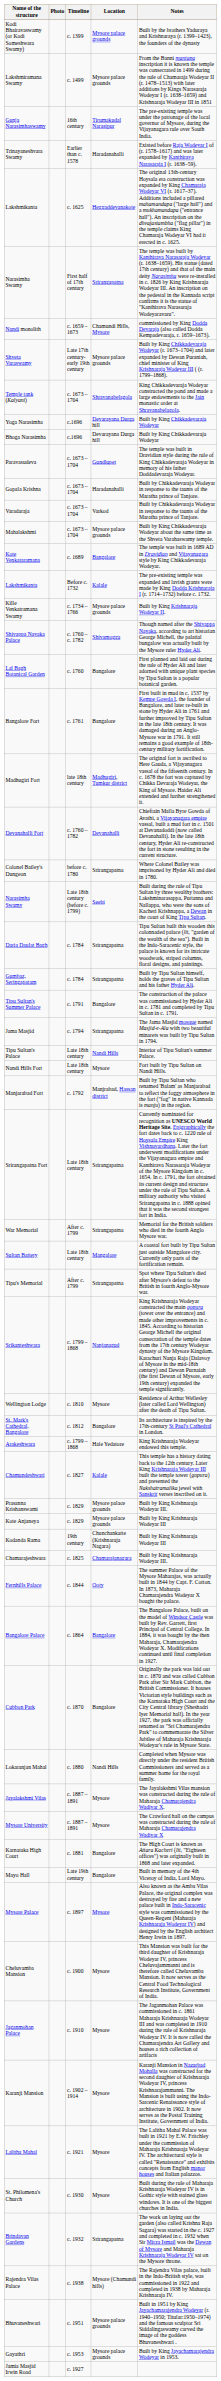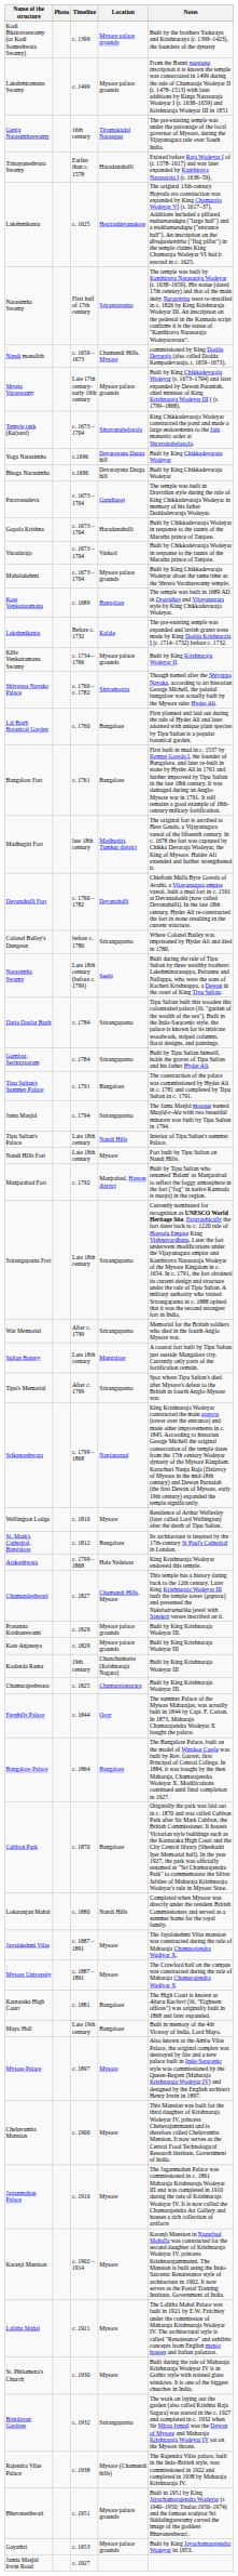 <table class="wikitable sortable">
 <tr style="background:#FFC569">
 <th scope="col"><strong>Name of the structure</strong></th>
 <th scope="col" class="unsortable"><strong>Photo</strong></th>
 <th scope="col"><strong>Timeline</strong></th>
 <th scope="col"><strong>Location</strong></th>
 <th scope="col"><strong>Notes</strong></th>
 </tr>
 <tr align ="center">
 </tr>
 <tr style="background:#ffe;">
 </tr>
 <tr>
 <td>Kodi Bhairavaswamy (or Kodi Someshwara Swamy)</td>
 <td></td>
 <td>c. 1399</td>
 <td><a href='#'>Mysore palace grounds</a></td>
 <td>Built by the brothers Yaduraya and Krishnaraya (r. 1399–1423), the founders of the dynasty</td>
 </tr>
 <tr>
 <td>Lakshmiramana Swamy</td>
 <td></td>
 <td>c. 1499</td>
 <td>Mysore palace grounds</td>
 <td>From the Banni <em><a href='#'>mantapa</a></em> inscription it is known the temple was consecrated in 1499 during the rule of Chamaraja Wodeyar II (r. 1478–1513) with later additions by Kings Narasaraja Wodeyar I (r. 1638–1659) and Krishnaraja Wodeyar III in 1851</td>
 </tr>
 <tr>
 <td><a href='#'>Gunja Narasimhaswamy</a></td>
 <td></td>
 <td>16th century</td>
 <td><a href='#'>Tirumakudal Narasipur</a></td>
 <td>The pre-existing temple was under the patronage of the local governor of Mysore, during the Vijayanagara rule over South India.</td>
 </tr>
 <tr>
 <td>Trinayaneshvara Swamy</td>
 <td></td>
 <td>Earlier than c. 1578</td>
 <td>Haradanahalli</td>
 <td>Existed before <a href='#'>Raja Wodeyar I</a> of (r. 1578–1617) and was later expanded by <a href='#'>Kanthirava Narasaraja I</a> (r. 1638–59).</td>
 </tr>
 <tr>
 <td>Lakshmikanta</td>
 <td></td>
 <td>c. 1625</td>
 <td><a href='#'>Heggaddevanakote</a></td>
 <td>The original 13th-century Hoysala era construction was expanded by King <a href='#'>Chamaraja Wodeyar VI</a> (r. 1617–37). Additions included a pillared <em>mahamandapa</em> ("large hall") and a <em>mukhamandapa</em> ("entrance hall"). An inscription on the <em>dhvajastambha</em> ("flag pillar") in the temple claims King Chamaraja Wodeyar VI had it erected in c. 1625.</td>
 </tr>
 <tr>
 <td>Narasimha Swamy</td>
 <td></td>
 <td>First half of 17th century</td>
 <td><a href='#'>Srirangapatna</a></td>
 <td>The temple was built by <a href='#'>Kanthirava Narasaraja Wodeyar</a> (r. 1638–1659). His statue (dated 17th century) and that of the main deity <em><a href='#'>Narasimha</a></em> were re-installed in c. 1826 by King Krishnaraja Wodeyar III. An inscription on the pedestal in the Kannada script confirms it is the statue of "Kanthirava Narasaraja Wodeyaravaru".</td>
 </tr>
 <tr>
 <td><a href='#'>Nandi</a> monolith</td>
 <td></td>
 <td>c. 1659 – 1673</td>
 <td>Chamundi Hills, <a href='#'>Mysore</a></td>
 <td>commissioned by King <a href='#'>Dodda Devaraja</a> (also called Dodda Kempadevaraja, r. 1659–1673).</td>
 </tr>
 <tr>
 <td><a href='#'>Shveta Varaswamy</a></td>
 <td></td>
 <td>Late 17th century-early 19th century</td>
 <td>Mysore palace grounds</td>
 <td>Built by King <a href='#'>Chikkadevaraja Wodeyar</a> (r. 1673–1704) and later expanded by Dewan Puraniah, chief minister of King <a href='#'>Krishnaraja Wodeyar III</a> ( (r. 1799–1868).</td>
 </tr>
 <tr>
 <td><a href='#'>Temple tank</a> (<em>Kalyani</em>)</td>
 <td></td>
 <td>c. 1673 – 1704</td>
 <td><a href='#'>Shravanabelagola</a></td>
 <td>King Chikkadevaraja Wodeyar constructed the pond and made a large endowments to the <a href='#'>Jain</a> monastic order at <a href='#'>Shravanabelagola</a>.</td>
 </tr>
 <tr>
 <td>Yoga Narasimha</td>
 <td></td>
 <td>c.1696</td>
 <td><a href='#'>Devarayana Durga</a> hill</td>
 <td>Built by King <a href='#'>Chikkadevaraja Wodeyar</a></td>
 </tr>
 <tr>
 <td>Bhoga Narasimha</td>
 <td></td>
 <td>c.1696</td>
 <td>Devarayana Durga hill</td>
 <td>Built by King Chikkadevaraja Wodeyar</td>
 </tr>
 <tr>
 <td>Paravasudeva</td>
 <td></td>
 <td>c. 1673 – 1704</td>
 <td><a href='#'>Gundlupet</a></td>
 <td>The temple was built in Dravidian style during the rule of King Chikkadevaraja Wodeyar in memory of his father Doddadevaraja Wodeyar.</td>
 </tr>
 <tr>
 <td>Gopala Krishna</td>
 <td></td>
 <td>c. 1673 – 1704</td>
 <td>Haradanahalli</td>
 <td>Built by Chikkadevaraja Wodeyar in response to the taunts of the Maratha prince of Tanjore.</td>
 </tr>
 <tr>
 <td>Varadaraja</td>
 <td></td>
 <td>c. 1673 – 1704</td>
 <td>Varkod</td>
 <td>Built by Chikkadevaraja Wodeyar in response to the taunts of the Maratha prince of Tanjore.</td>
 </tr>
 <tr>
 <td>Mahalakshmi</td>
 <td></td>
 <td>c. 1673 – 1704</td>
 <td>Mysore palace grounds</td>
 <td>Built by King Chikkadevaraja Wodeyar about the same time as the Shveta Varahaswamy temple.</td>
 </tr>
 <tr>
 <td><a href='#'>Kote Venkataramana</a></td>
 <td></td>
 <td>c. 1689</td>
 <td><a href='#'>Bangalore</a></td>
 <td>The temple was built in 1689 AD in <em><a href='#'>Dravidian</a></em> and <a href='#'>Vijayanagara</a> style by King Chikkadevaraja Wodeyar.</td>
 </tr>
 <tr>
 <td><a href='#'>Lakshmikanta</a></td>
 <td></td>
 <td>Before c. 1732</td>
 <td><a href='#'>Kalale</a></td>
 <td>The pre-existing temple was expanded and lavish grants were made by King <a href='#'>Dodda Krishnaraja I</a> (r. 1714–1732) before c. 1732.</td>
 </tr>
 <tr>
 <td>Kille Venkatramana Swamy</td>
 <td></td>
 <td>c. 1734 – 1766</td>
 <td>Mysore palace grounds</td>
 <td>Built by King <a href='#'>Krishnaraja Wodeyar II</a>.</td>
 </tr>
 <tr>
 <td><a href='#'>Shivappa Nayaka Palace</a></td>
 <td></td>
 <td>c. 1760 – c. 1782</td>
 <td><a href='#'>Shivamogga</a></td>
 <td>Though named after the <a href='#'>Shivappa Nayaka</a>, according to art historian George Michell, the palatial bungalow was actually built by the Mysore ruler <a href='#'>Hyder Ali</a>.</td>
 </tr>
 <tr>
 <td><a href='#'>Lal Bagh Botanical Garden</a></td>
 <td></td>
 <td>c. 1760</td>
 <td>Bangalore</td>
 <td>First planned and laid out during the rule of Hyder Ali and later adorned with unique plant species by Tipu Sultan is a popular botanical garden.</td>
 </tr>
 <tr>
 <td>Bangalore Fort</td>
 <td></td>
 <td>c. 1761</td>
 <td>Bangalore</td>
 <td>First built in mud in c. 1537 by <a href='#'>Kempe Gowda I</a>, the founder of Bangalore, and later re-built in stone by Hyder Ali in 1761 and further improved by Tipu Sultan in the late 18th century. It was damaged during an Anglo-Mysore war in 1791. It still remains a good example of 18th-century military fortification.</td>
 </tr>
 <tr>
 <td>Madhugiri Fort</td>
 <td></td>
 <td>late 18th century</td>
 <td><a href='#'>Madhugiri</a>, <a href='#'>Tumkur district</a></td>
 <td>The original fort is ascribed to Here Gauda, a Vijayanagara vassal of the fifteenth century. In c. 1678 the fort was captured by Chikka Devaraja Wodeyar, the King of Mysore. Haider Ali extended and further strengthened it.</td>
 </tr>
 <tr>
 <td><a href='#'>Devanahalli Fort</a></td>
 <td></td>
 <td>c. 1760 – 1782</td>
 <td><a href='#'>Devanahalli</a></td>
 <td>Chieftain Malla Byre Gowda of Avathi, a <a href='#'>Vijayanagara empire</a> vassal, built a mud fort in c. 1501 at Devanadoddi (now called Devanahalli). In the late 18th century, Hyder Ali re-constructed the fort in stone resulting in the current structure.</td>
 </tr>
 <tr>
 <td>Colonel Bailey's Dungeon</td>
 <td></td>
 <td>before c. 1780</td>
 <td>Srirangapatna</td>
 <td>Where Colonel Bailey was imprisoned by Hyder Ali and died in 1780.</td>
 </tr>
 <tr>
 <td><a href='#'>Narasimha Swamy</a></td>
 <td></td>
 <td>Late 18th century (before c. 1799)</td>
 <td><a href='#'>Seebi</a></td>
 <td>Built during the rule of Tipu Sultan by three wealthy brothers: Lakshminarasappa, Puttanna and Nallappa, who were the sons of Kacheri Krishnappa, a <a href='#'>Dewan</a> in the court of King <a href='#'>Tipu Sultan</a>.</td>
 </tr>
 <tr>
 <td><a href='#'>Daria Daulat Bagh</a></td>
 <td></td>
 <td>c. 1784</td>
 <td>Srirangapatna</td>
 <td>Tipu Sultan built this wooden this colonnaded palace (<em>lit</em>, "garden of the wealth of the sea"). Built in the Indo-Saracenic style, the palace is known for its intricate woodwork, striped columns, floral designs, and paintings.</td>
 </tr>
 <tr>
 <td><a href='#'>Gumbaz, Seringapatam</a></td>
 <td></td>
 <td>c. 1784</td>
 <td>Srirangapatna</td>
 <td>Built by Tipu Sultan himself, holds the graves of Tipu Sultan and his father <a href='#'>Hyder Ali</a>.</td>
 </tr>
 <tr>
 <td><a href='#'>Tipu Sultan's Summer Palace</a></td>
 <td></td>
 <td>c. 1791</td>
 <td>Bangalore</td>
 <td>The construction of the palace was commissioned by Hyder Ali in c. 1781 and completed by Tipu Sultan in c. 1791.</td>
 </tr>
 <tr>
 <td>Jama Masjid</td>
 <td></td>
 <td>c. 1794</td>
 <td>Srirangapatna</td>
 <td>The Jama Masjid <a href='#'>mosque</a> named <em>Masjid-e-Ala</em> with two beautiful minarets was built by Tipu Sultan in 1794.</td>
 </tr>
 <tr>
 <td>Tipu Sultan's Palace</td>
 <td></td>
 <td>Late 18th century</td>
 <td><a href='#'>Nandi Hills</a></td>
 <td>Interior of Tipu Sultan's summer Palace.</td>
 </tr>
 <tr>
 <td>Nandi Hills Fort</td>
 <td></td>
 <td>Late 18th century</td>
 <td>Mysore</td>
 <td>Fort built by Tipu Sultan on Nandi Hills.</td>
 </tr>
 <tr>
 <td>Manjarabad Fort</td>
 <td></td>
 <td>c. 1792</td>
 <td>Manjrabad, <a href='#'>Hassan district</a></td>
 <td>Built by Tipu Sultan who renamed 'Balam' as Manjarabad to reflect the foggy atmosphere in the fort ("fog" in native Kannada is <em>manju</em>) in the region.</td>
 </tr>
 <tr>
 <td>Srirangapatna Fort</td>
 <td></td>
 <td>Late 18th century</td>
 <td>Srirangapatna</td>
 <td>Currently nominated for recognition as <strong>UNESCO World Heritage Site</strong>. <a href='#'>Epigraphically</a> the fort dates back to c. 1220 rule of <a href='#'>Hoysala Empire</a> King <a href='#'>Vishnuvardhana</a>. Later the fort underwent modifications under the Vijayanagara empire and Kanthirava Narasaraja Wodeyar of the Mysore Kingdom in c. 1654. In c. 1791, the fort obtained its current design and structure under the rule of Tipu Sultan. A military authority who visited Srirangapatna in c. 1888 opined that it was the second strongest fort in India.</td>
 </tr>
 <tr>
 <td>War Memorial</td>
 <td></td>
 <td>After c. 1799</td>
 <td>Srirangapatna</td>
 <td>Memorial for the British soldiers who died in the fourth Anglo Mysore war.</td>
 </tr>
 <tr>
 <td><a href='#'>Sultan Battery</a></td>
 <td></td>
 <td>Late 18th century</td>
 <td><a href='#'>Mangalore</a></td>
 <td>A coastal fort built by Tipu Sultan just outside Mangalore city. Currently only parts of the fortification remain.</td>
 </tr>
 <tr>
 <td>Tipu's Memorial</td>
 <td></td>
 <td>After c. 1799</td>
 <td>Srirangapatna</td>
 <td>Spot where Tipu Sultan's died after Mysore's defeat to the British in fourth Anglo-Mysore war.</td>
 </tr>
 <tr>
 <td><a href='#'>Srikanteshwara</a></td>
 <td></td>
 <td>c. 1799 – 1868</td>
 <td><a href='#'>Nanjanagud</a></td>
 <td>King Krishnaraja Wodeyar constructed the main <em><a href='#'>gopura</a></em> (tower over the entrance) and made other improvements in c. 1845. According to historian George Michell the original consecration of the temple dates from the 17th century Wodeyar dynasty of the Mysore Kingdom. Karachuri Nanja Raja (Dalavoy of Mysore in the mid-18th century) and Dewan Purnaiah (the first Dewan of Mysore, early 19th century) expanded the temple significantly.</td>
 </tr>
 <tr>
 <td>Wellington Lodge</td>
 <td></td>
 <td>c. 1810</td>
 <td>Mysore</td>
 <td>Residence of Arthur Wellesley (later called Lord Wellington) after the death of Tipu Sultan.</td>
 </tr>
 <tr>
 <td><a href='#'>St. Mark's Cathedral, Bangalore</a></td>
 <td></td>
 <td>c. 1812</td>
 <td>Bangalore</td>
 <td>Its architecture is inspired by the 17th-century <a href='#'>St Paul's Cathedral</a> in London.</td>
 </tr>
 <tr>
 <td><a href='#'>Arakeshwara</a></td>
 <td></td>
 <td>c. 1799 – 1868</td>
 <td>Hale Yedatore</td>
 <td>King Krishnaraja Wodeyar endowed this temple.</td>
 </tr>
 <tr>
 <td><a href='#'>Chamundeshwari</a></td>
 <td></td>
 <td>c. 1827</td>
-<td><a href='#'>Kalale</a></td>
+<td><a href='#'>Chamundi Hills</a>, Mysore</td>
 <td>This temple has a history dating back to the 12th century. Later King <a href='#'>Krishnaraja Wodeyar III</a> built the temple tower (<em>gopura</em>) and presented the <em>Nakshatramalika</em> jewel with <a href='#'>Sanskrit</a> verses inscribed on it.</td>
 </tr>
 <tr>
 <td>Prasanna Krishanswami</td>
 <td></td>
 <td>c. 1829</td>
 <td>Mysore palace grounds</td>
 <td>Built by King Krishnaraja Wodeyar III.</td>
 </tr>
 <tr>
 <td>Kote Anjaneya</td>
 <td></td>
 <td>c. 1829</td>
 <td>Mysore palace grounds</td>
 <td>Built by King Krishnaraja Wodeyar III</td>
 </tr>
 <tr>
 <td>Kodanda Rama</td>
 <td></td>
 <td>19th century</td>
 <td>Chunchankatte (Krishnaraja Nagara)</td>
 <td>Built by King Krishnaraja Wodeyar III</td>
 </tr>
 <tr>
 <td>Chamarajeshwara</td>
 <td></td>
 <td>c. 1825</td>
 <td><a href='#'>Chamarajanagara</a></td>
 <td>Built by King Krishnaraja Wodeyar III.</td>
 </tr>
 <tr>
 <td><a href='#'>Fernhills Palace</a></td>
 <td></td>
 <td>c. 1844</td>
 <td><a href='#'>Ooty</a></td>
 <td>The summer Palace of the Mysore Maharajas, was actually built in 1844 by Capt. F. Cotton. In 1873, Maharaja Chamarajendra Wodeyar X bought the palace.</td>
 </tr>
 <tr>
 <td><a href='#'>Bangalore Palace</a></td>
 <td></td>
 <td>c. 1864</td>
 <td><a href='#'>Bangalore</a></td>
 <td>The Bangalore Palace, built on the model of <a href='#'>Windsor Castle</a> was built by Rev. Garrett, first Principal of Central College. In 1884, it was bought by the then Maharaja, Chamarajendra Wodeyar X. Modifications continued until final completion in 1927.</td>
 </tr>
 <tr>
 <td><a href='#'>Cubbon Park</a></td>
 <td></td>
 <td>c. 1870</td>
 <td>Bangalore</td>
 <td>Originally the park was laid out in c. 1870 and was called Cubbon Park after Sir Mark Cubbon, the British Commissioner. It houses Victorian style buildings such as the Karnataka High Court and the City Central library (Sheshadri Iyer Memorial hall). In the year 1927, the park was officially renamed as "Sri Chamarajendra Park" to commemorate the Silver Jubilee of Maharaja Krishnaraja Wodeyar's rule in Mysore State.</td>
 </tr>
 <tr>
 <td>Lokaranjan Mahal</td>
 <td></td>
 <td>c. 1880</td>
 <td>Nandi Hills</td>
 <td>Completed when Mysore was directly under the resident British Commissioners and served as a summer home for the royal family.</td>
 </tr>
 <tr>
 <td><a href='#'>Jayalakshmi Vilas</a></td>
 <td></td>
 <td>c. 1887 – 1891</td>
 <td>Mysore</td>
 <td>The Jayalakshmi Vilas mansion was constructed during the rule of Maharaja <a href='#'>Chamarajendra Wadiyar X</a>.</td>
 </tr>
 <tr>
 <td><a href='#'>Mysore University</a></td>
 <td></td>
 <td>c. 1887 – 1891</td>
 <td>Mysore</td>
 <td>The Crawford hall on the campus was constructed during the rule of Maharaja <a href='#'>Chamarajendra Wadiyar X</a></td>
 </tr>
 <tr>
 <td>Karnataka High Court</td>
 <td></td>
 <td>c. 1881</td>
 <td>Bangalore</td>
 <td>The High Court is known as <em>Attara Kacheri</em> (<em>lit</em>, "Eighteen offices") was originally built in 1868 and later expanded.</td>
 </tr>
 <tr>
 <td>Mayo Hall</td>
 <td></td>
 <td>Late 19th century</td>
 <td>Bangalore</td>
 <td>Built in memory of the 4th Viceroy of India, Lord Mayo.</td>
 </tr>
 <tr>
 <td><a href='#'>Mysore Palace</a></td>
 <td></td>
 <td>c. 1897</td>
 <td><a href='#'>Mysore</a></td>
 <td>Also known as the Amba Vilas Palace, the original complex was destroyed by fire and a new palace built in <a href='#'>Indo-Saracenic</a> style was commissioned by the Queen-Regent (Maharaja <a href='#'>Krishnaraja Wodeyar IV</a>) and designed by the English architect Henry Irwin in 1897.</td>
 </tr>
 <tr>
 <td>Cheluvamba Mansion</td>
 <td></td>
 <td>c. 1900</td>
 <td>Mysore</td>
 <td>This Mansion was built for the third daughter of Krishnaraja Wodeyar IV, princess Cheluvajammanni and is therefore called Cheluvamba Mansion. It now serves as the Central Food Technological Research Institute, Government of India.</td>
 </tr>
 <tr>
 <td><a href='#'>Jaganmohan Palace</a></td>
 <td></td>
 <td>c. 1910</td>
 <td>Mysore</td>
 <td>The Jaganmohan Palace was commissioned in c. 1861 Maharaja Krishnaraja Wodeyar III and was completed in 1910 during the rule of Krishnaraja Wodeyar IV. It is now called the Chamarajendra Art Gallery and houses a rich collection of artifacts</td>
 </tr>
 <tr>
 <td>Karanji Mansion</td>
 <td></td>
 <td>c. 1902 – 1914</td>
 <td>Mysore</td>
 <td>Karanji Mansion in <a href='#'>Nazarbad Mohalla</a> was constructed for the second daughter of Krishnaraja Wodeyar IV, princess Krishnarajammanni. The Mansion is built using the Indo-Sarcenic Renaissance style of architecture in 1902. It now serves as the Postal Training Institute,  Government of India.</td>
 </tr>
 <tr>
 <td><a href='#'>Lalitha Mahal</a></td>
 <td></td>
 <td>c. 1921</td>
 <td>Mysore</td>
 <td>The Lalitha Mahal Palace was built in 1921 by E.W. Fritchley under the commission of Maharaja Krishnaraja Wodeyar IV. The architectural style is called "Renaissance" and exhibits concepts from English <a href='#'>manor houses</a> and Italian palazzos.</td>
 </tr>
 <tr>
 <td>St. Philomena's Church</td>
 <td></td>
 <td>c. 1930</td>
 <td>Mysore</td>
 <td>Built during the rule of Maharaja Krishnaraja Wodeyar IV is in Gothic style with stained glass windows. It is one of the biggest churches in India.</td>
 </tr>
 <tr>
 <td><a href='#'>Brindavan Gardens</a></td>
 <td></td>
 <td>c. 1932</td>
 <td>Srirangapatna</td>
 <td>The work on laying out the garden (also called Krishna Raja Sagara) was started in the c. 1927 and completed in c. 1932 when Sir <a href='#'>Mirza Ismail</a> was the <a href='#'>Dewan of Mysore</a> and Maharaja <a href='#'>Krishnaraja Wodeyar IV</a> sat on the Mysore throne.</td>
 </tr>
 <tr>
 <td>Rajendra Vilas Palace</td>
 <td></td>
 <td>c. 1938</td>
 <td>Mysore (Chamundi hills)</td>
 <td>The Rajendra Vilas palace, built in the Indo-British style, was commissioned in 1922 and completed in 1938 by Maharaja Krishnaraja IV.</td>
 </tr>
 <tr>
 <td>Bhuvaneshwari</td>
 <td></td>
 <td>c. 1951</td>
 <td>Mysore palace grounds</td>
 <td>Built in 1951 by King <a href='#'>Jayachamarajendra Wodeyar</a> (r. 1940–1950; Titular:1950–1974) and the famous sculptor Sri Siddalingaswamy carved the image of the goddess Bhuvaneshwari .</td>
 </tr>
 <tr>
 <td>Gayathri</td>
 <td></td>
 <td>c. 1953</td>
 <td>Mysore palace grounds</td>
 <td>Built by King <a href='#'>Jayachamarajendra Wodeyar</a> in 1953.</td>
 </tr>
 <tr>
 <td>Jamia Masjid<br>Irwin Road</td>
 <td></td>
 <td>c. 1927</td>
 <td></td>
 </tr>
 </table>
